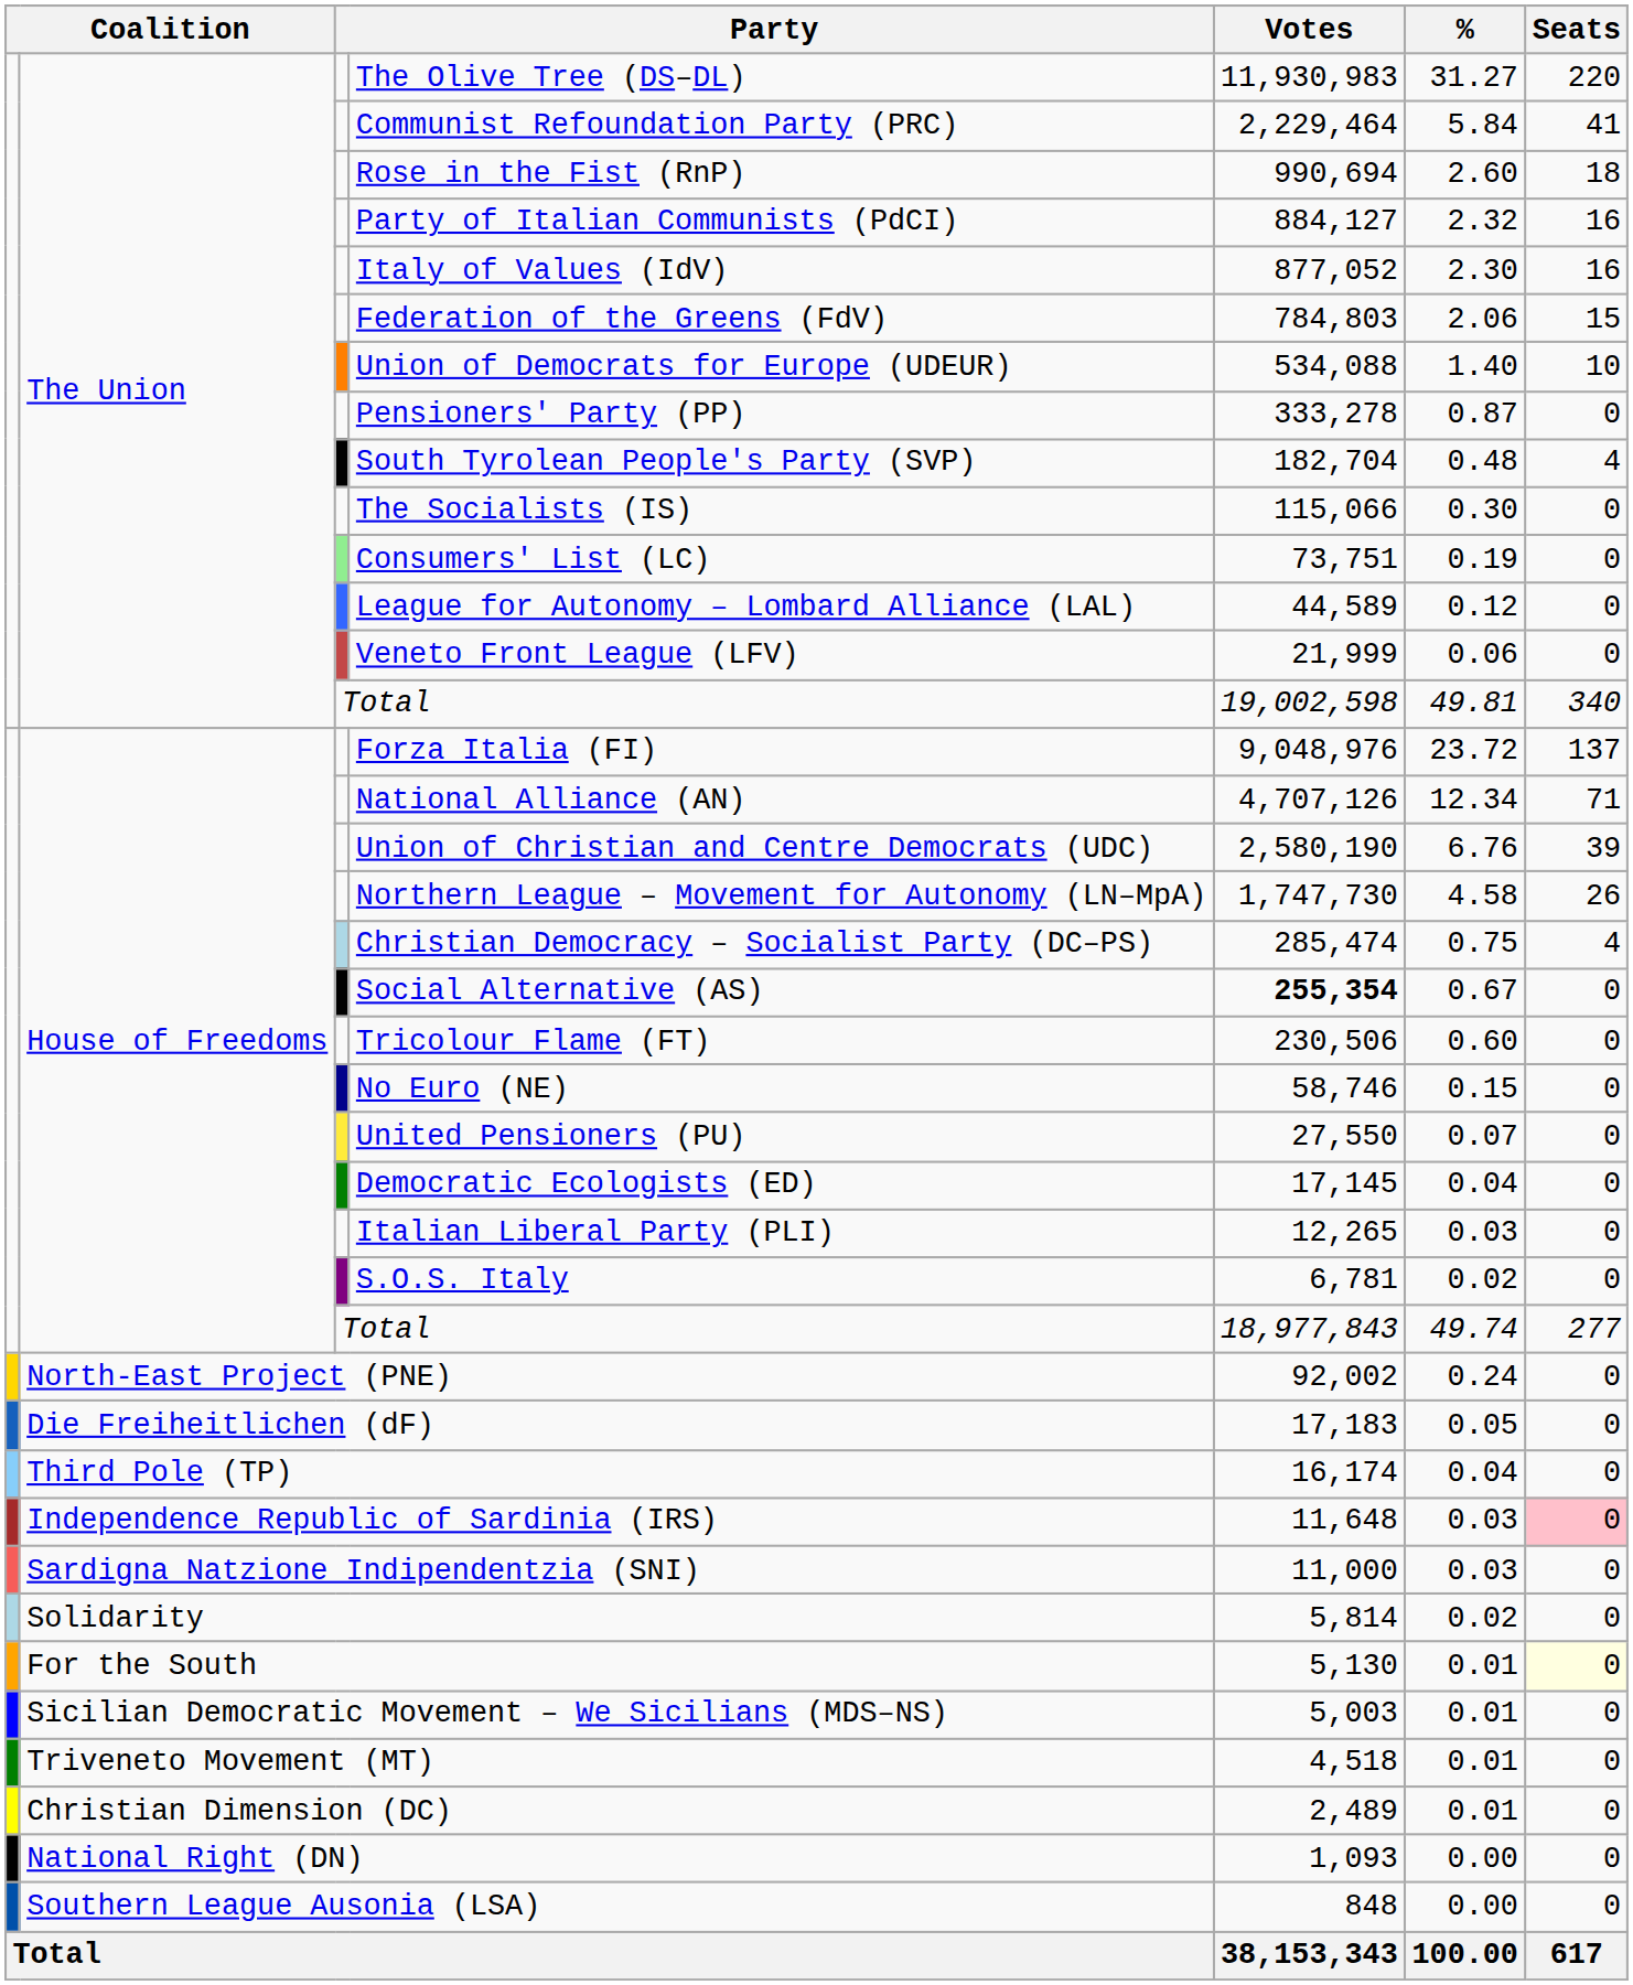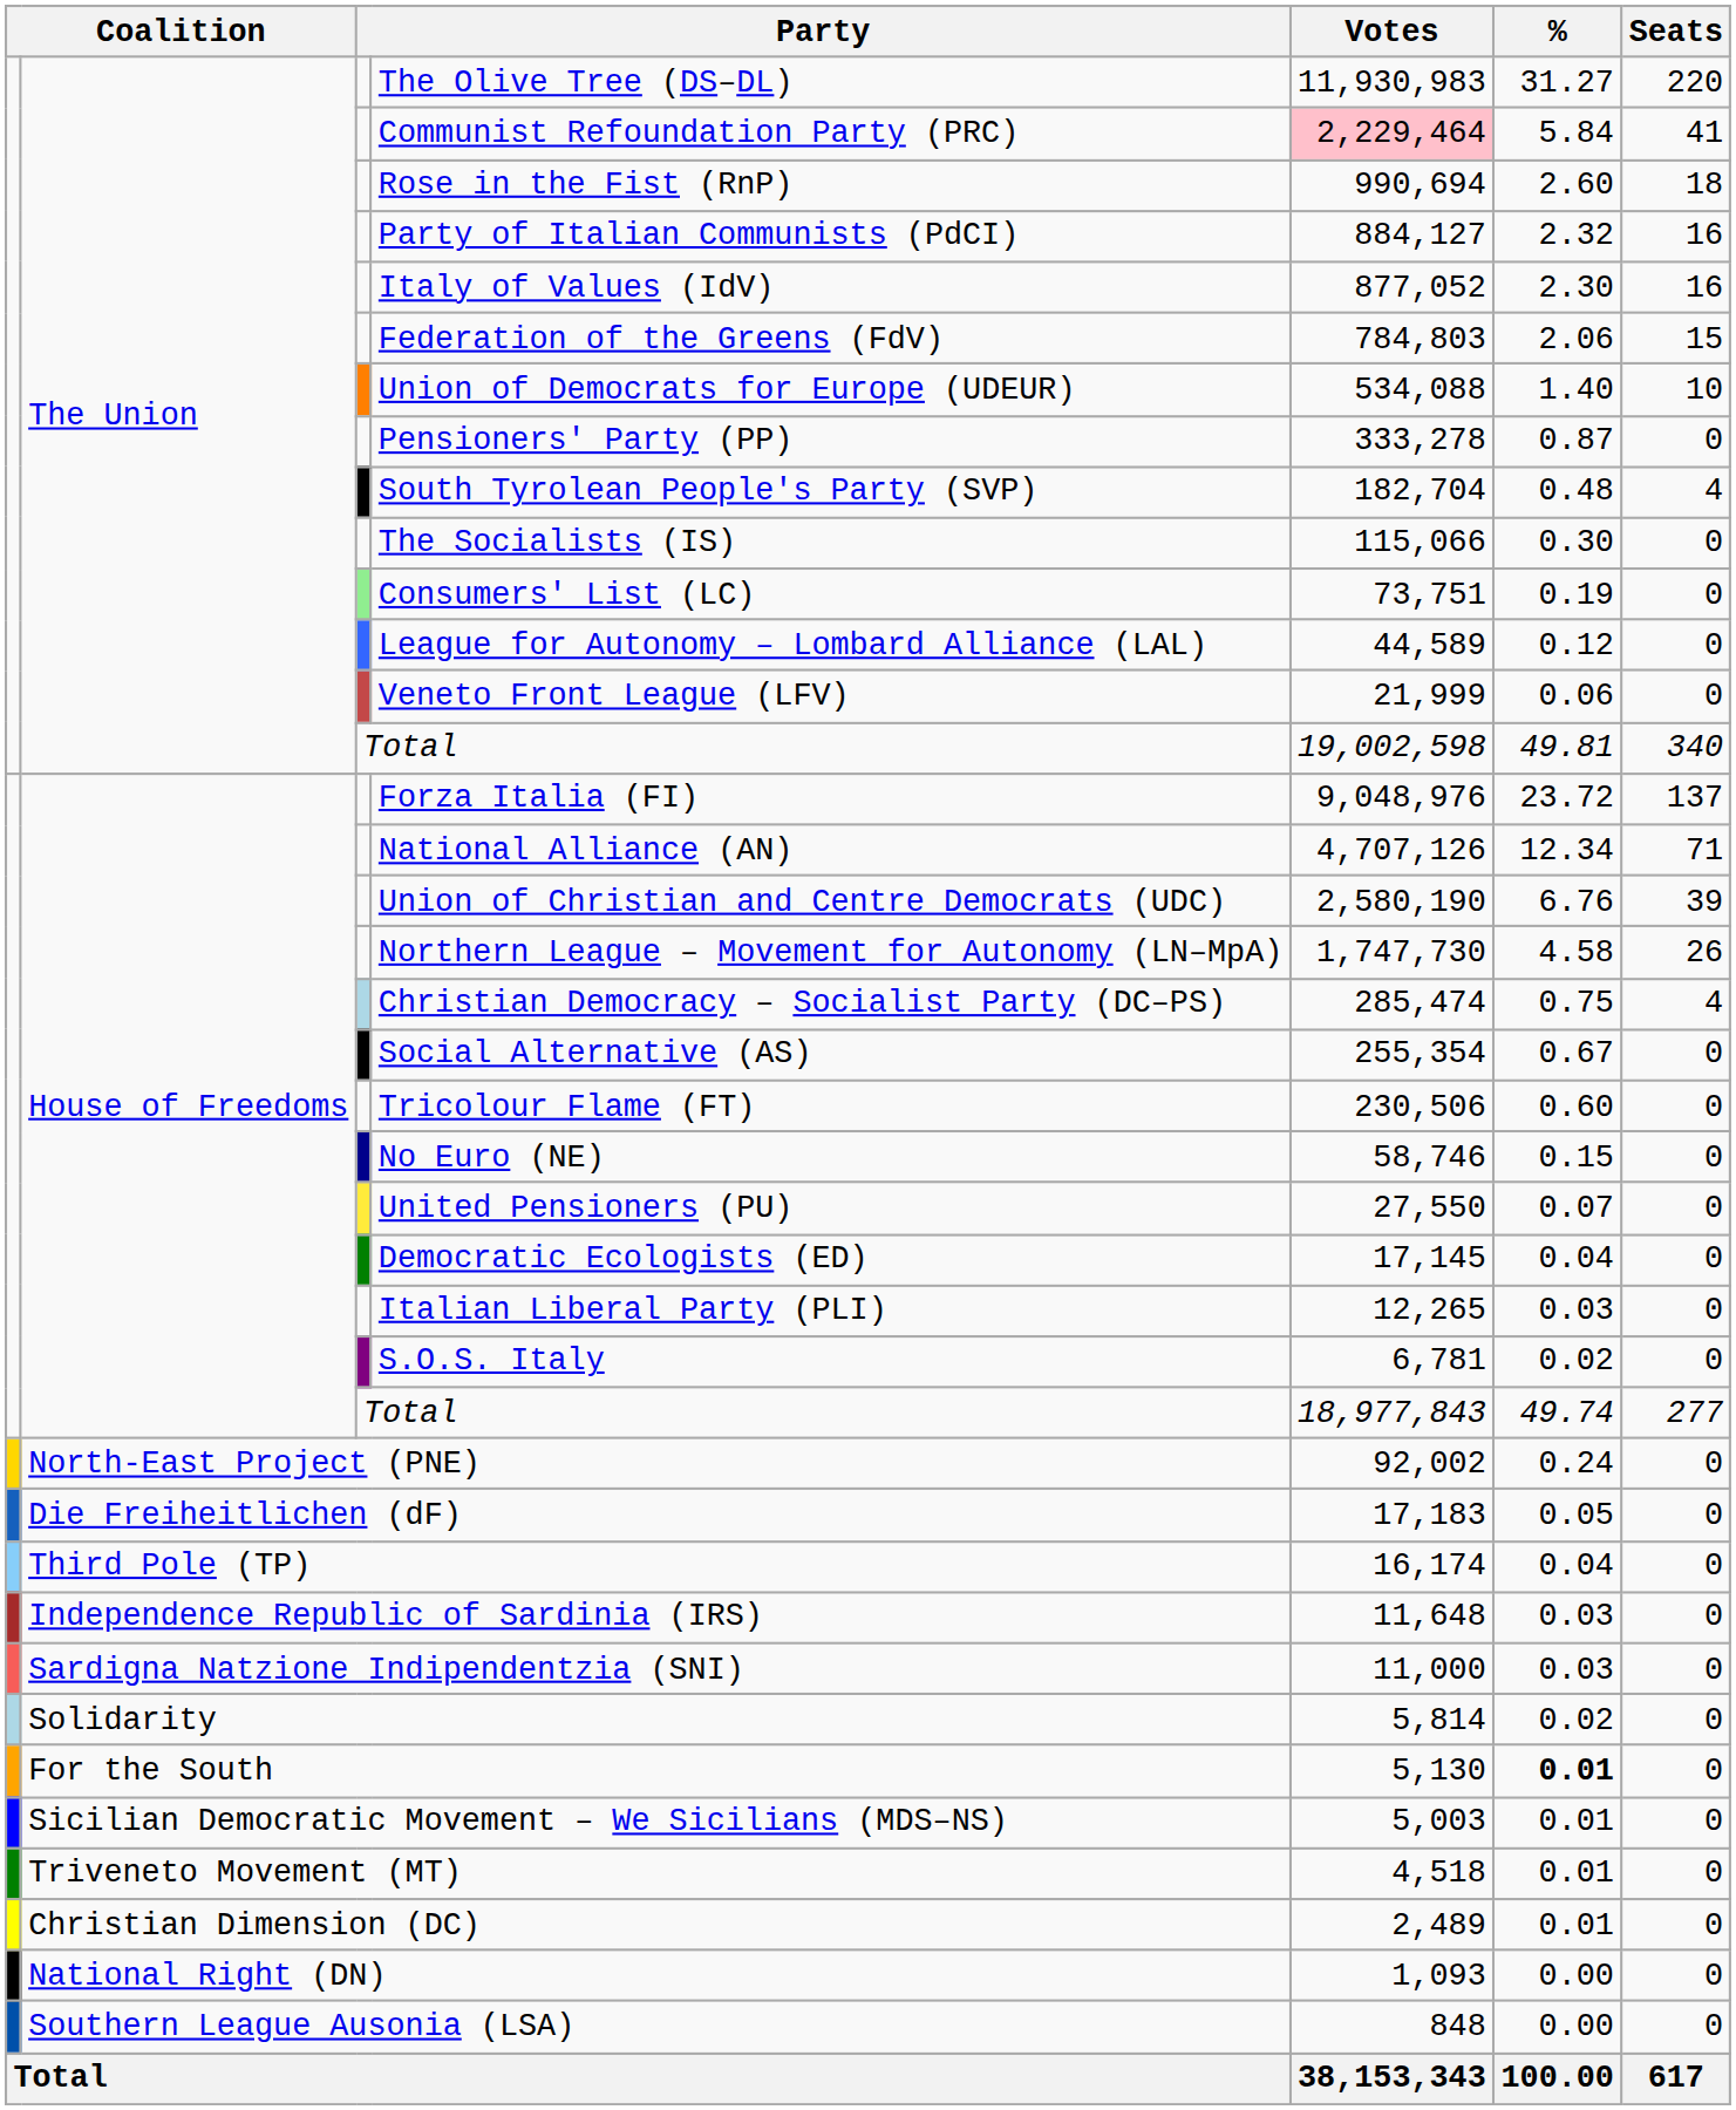 <table class="wikitable" style="text-align:right">
 <tr>
 <th colspan=2>Coalition</th>
 <th colspan=2>Party</th>
 <th>Votes</th>
 <th>%</th>
 <th>Seats</th>
 </tr>
 <tr>
 <td rowspan=14 style="background-color:"></td>
 <td style="text-align:left;" rowspan="14"><a href='#'>The Union</a></td>
 <td style="background-color:"></td>
 <td style="text-align:left;"><a href='#'>The Olive Tree</a> (<a href='#'>DS</a>–<a href='#'>DL</a>)</td>
 <td>11,930,983</td>
 <td>31.27</td>
 <td>220</td>
 </tr>
 <tr>
 <td style="background-color:"></td>
 <td style="text-align:left;"><a href='#'>Communist Refoundation Party</a> (PRC)</td>
-<td>2,229,464</td>
+<td style="background: pink;">2,229,464</td>
 <td>5.84</td>
 <td>41</td>
 </tr>
 <tr>
 <td style="background-color:"></td>
 <td style="text-align:left;"><a href='#'>Rose in the Fist</a> (RnP)</td>
 <td>990,694</td>
 <td>2.60</td>
 <td>18</td>
 </tr>
 <tr>
 <td style="background-color:"></td>
 <td style="text-align:left;"><a href='#'>Party of Italian Communists</a> (PdCI)</td>
 <td>884,127</td>
 <td>2.32</td>
 <td>16</td>
 </tr>
 <tr>
 <td style="background-color:"></td>
 <td style="text-align:left;"><a href='#'>Italy of Values</a> (IdV)</td>
 <td>877,052</td>
 <td>2.30</td>
 <td>16</td>
 </tr>
 <tr>
 <td style="background:"></td>
 <td style="text-align:left;"><a href='#'>Federation of the Greens</a> (FdV)</td>
 <td>784,803</td>
 <td>2.06</td>
 <td>15</td>
 </tr>
 <tr>
 <td style="background:#FF7F00;"></td>
 <td style="text-align:left;"><a href='#'>Union of Democrats for Europe</a> (UDEUR)</td>
 <td>534,088</td>
 <td>1.40</td>
 <td>10</td>
 </tr>
 <tr>
 <td style="background-color:"></td>
 <td style="text-align:left;"><a href='#'>Pensioners' Party</a> (PP)</td>
 <td>333,278</td>
 <td>0.87</td>
 <td>0</td>
 </tr>
 <tr>
 <td style="background:black;"></td>
 <td style="text-align:left;"><a href='#'>South Tyrolean People's Party</a> (SVP)</td>
 <td>182,704</td>
 <td>0.48</td>
 <td>4</td>
 </tr>
 <tr>
 <td style="background-color:"></td>
 <td style="text-align:left;"><a href='#'>The Socialists</a> (IS)</td>
 <td>115,066</td>
 <td>0.30</td>
 <td>0</td>
 </tr>
 <tr>
 <td style="background:lightgreen;"></td>
 <td style="text-align:left;"><a href='#'>Consumers' List</a> (LC)</td>
 <td>73,751</td>
 <td>0.19</td>
 <td>0</td>
 </tr>
 <tr>
 <td style="background: #36f;"></td>
 <td style="text-align:left;"><a href='#'>League for Autonomy – Lombard Alliance</a> (LAL)</td>
 <td>44,589</td>
 <td>0.12</td>
 <td>0</td>
 </tr>
 <tr>
 <td style="background: #C34848;"></td>
 <td style="text-align:left;"><a href='#'>Veneto Front League</a> (LFV)</td>
 <td>21,999</td>
 <td>0.06</td>
 <td>0</td>
 </tr>
 <tr>
 <td colspan="2" style="text-align:left;"><em>Total</em></td>
 <td><em>19,002,598</em></td>
 <td><em>49.81</em></td>
 <td><em>340</em></td>
 </tr>
 <tr>
 <td rowspan=13 style="background-color:"></td>
 <td style="text-align:left;" rowspan="13"><a href='#'>House of Freedoms</a></td>
 <td style="background-color:"></td>
 <td style="text-align:left;"><a href='#'>Forza Italia</a> (FI)</td>
 <td>9,048,976</td>
 <td>23.72</td>
 <td>137</td>
 </tr>
 <tr>
 <td style="background-color:"></td>
 <td style="text-align:left;"><a href='#'>National Alliance</a> (AN)</td>
 <td>4,707,126</td>
 <td>12.34</td>
 <td>71</td>
 </tr>
 <tr>
 <td style="background-color:"></td>
 <td style="text-align:left;"><a href='#'>Union of Christian and Centre Democrats</a> (UDC)</td>
 <td>2,580,190</td>
 <td>6.76</td>
 <td>39</td>
 </tr>
 <tr>
 <td style="background-color:"></td>
 <td style="text-align:left;"><a href='#'>Northern League</a> – <a href='#'>Movement for Autonomy</a> (LN–MpA)</td>
 <td>1,747,730</td>
 <td>4.58</td>
 <td>26</td>
 </tr>
 <tr>
 <td style="background:lightblue;"></td>
 <td style="text-align:left;"><a href='#'>Christian Democracy</a> – <a href='#'>Socialist Party</a> (DC–PS)</td>
 <td>285,474</td>
 <td>0.75</td>
 <td>4</td>
 </tr>
 <tr>
 <td style="background:black;"></td>
 <td style="text-align:left;"><a href='#'>Social Alternative</a> (AS)</td>
-<td><strong>255,354</strong></td>
+<td>255,354</td>
 <td>0.67</td>
 <td>0</td>
 </tr>
 <tr>
 <td style="background:"></td>
 <td style="text-align:left;"><a href='#'>Tricolour Flame</a> (FT)</td>
 <td>230,506</td>
 <td>0.60</td>
 <td>0</td>
 </tr>
 <tr>
 <td style="background:darkblue;"></td>
 <td style="text-align:left;"><a href='#'>No Euro</a> (NE)</td>
 <td>58,746</td>
 <td>0.15</td>
 <td>0</td>
 </tr>
 <tr>
 <td style="background:#FFEB3B;"></td>
 <td style="text-align:left;"><a href='#'>United Pensioners</a> (PU)</td>
 <td>27,550</td>
 <td>0.07</td>
 <td>0</td>
 </tr>
 <tr>
 <td style="background:green;"></td>
 <td style="text-align:left;"><a href='#'>Democratic Ecologists</a> (ED)</td>
 <td>17,145</td>
 <td>0.04</td>
 <td>0</td>
 </tr>
 <tr>
 <td style="background-color:"></td>
 <td style="text-align:left;"><a href='#'>Italian Liberal Party</a> (PLI)</td>
 <td>12,265</td>
 <td>0.03</td>
 <td>0</td>
 </tr>
 <tr>
 <td style="background:purple;"></td>
 <td style="text-align:left;"><a href='#'>S.O.S. Italy</a></td>
 <td>6,781</td>
 <td>0.02</td>
 <td>0</td>
 </tr>
 <tr>
 <td colspan="2" style="text-align:left;"><em>Total</em></td>
 <td><em>18,977,843</em></td>
 <td><em>49.74</em></td>
 <td><em>277</em></td>
 </tr>
 <tr>
 <td style="background:gold;"></td>
 <td style="text-align:left;" colspan="3"><a href='#'>North-East Project</a> (PNE)</td>
 <td>92,002</td>
 <td>0.24</td>
 <td>0</td>
 </tr>
 <tr>
 <td style="background:#1560BD;"></td>
 <td style="text-align:left;" colspan="3"><a href='#'>Die Freiheitlichen</a> (dF)</td>
 <td>17,183</td>
 <td>0.05</td>
 <td>0</td>
 </tr>
 <tr>
 <td style="background:lightskyblue;"></td>
 <td style="text-align:left;" colspan="3"><a href='#'>Third Pole</a> (TP)</td>
 <td>16,174</td>
 <td>0.04</td>
 <td>0</td>
 </tr>
 <tr>
 <td style="background:brown;"></td>
 <td style="text-align:left;" colspan="3"><a href='#'>Independence Republic of Sardinia</a> (IRS)</td>
 <td>11,648</td>
 <td>0.03</td>
-<td style="background: pink;">0</td>
+<td>0</td>
 </tr>
 <tr>
 <td style="background:#F75D59;"></td>
 <td style="text-align:left;" colspan="3"><a href='#'>Sardigna Natzione Indipendentzia</a> (SNI)</td>
 <td>11,000</td>
 <td>0.03</td>
 <td>0</td>
 </tr>
 <tr>
 <td style="background:lightblue;"></td>
 <td style="text-align:left;" colspan="3">Solidarity</td>
 <td>5,814</td>
 <td>0.02</td>
 <td>0</td>
 </tr>
 <tr>
 <td style="background:orange;"></td>
 <td style="text-align:left;" colspan="3">For the South</td>
 <td>5,130</td>
-<td>0.01</td>
-<td style="background: lightyellow;">0</td>
+<td><strong>0.01</strong></td>
+<td>0</td>
 </tr>
 <tr>
 <td style="background:blue;"></td>
 <td style="text-align:left;" colspan="3">Sicilian Democratic Movement – <a href='#'>We Sicilians</a> (MDS–NS)</td>
 <td>5,003</td>
 <td>0.01</td>
 <td>0</td>
 </tr>
 <tr>
 <td style="background:green;"></td>
 <td style="text-align:left;" colspan="3">Triveneto Movement (MT)</td>
 <td>4,518</td>
 <td>0.01</td>
 <td>0</td>
 </tr>
 <tr>
 <td style="background:yellow;"></td>
 <td style="text-align:left;" colspan="3">Christian Dimension (DC)</td>
 <td>2,489</td>
 <td>0.01</td>
 <td>0</td>
 </tr>
 <tr>
 <td style="background:black;"></td>
 <td style="text-align:left;" colspan="3"><a href='#'>National Right</a> (DN)</td>
 <td>1,093</td>
 <td>0.00</td>
 <td>0</td>
 </tr>
 <tr>
 <td style="background:#0050Aa;"></td>
 <td style="text-align:left;" colspan="3"><a href='#'>Southern League Ausonia</a> (LSA)</td>
 <td>848</td>
 <td>0.00</td>
 <td>0</td>
 </tr>
 <tr>
 <th style="text-align:left;" colspan="4"><strong>Total</strong></th>
 <th><strong>38,153,343</strong></th>
 <th><strong>100.00</strong></th>
 <th><strong>617</strong></th>
 </tr>
 </table>
